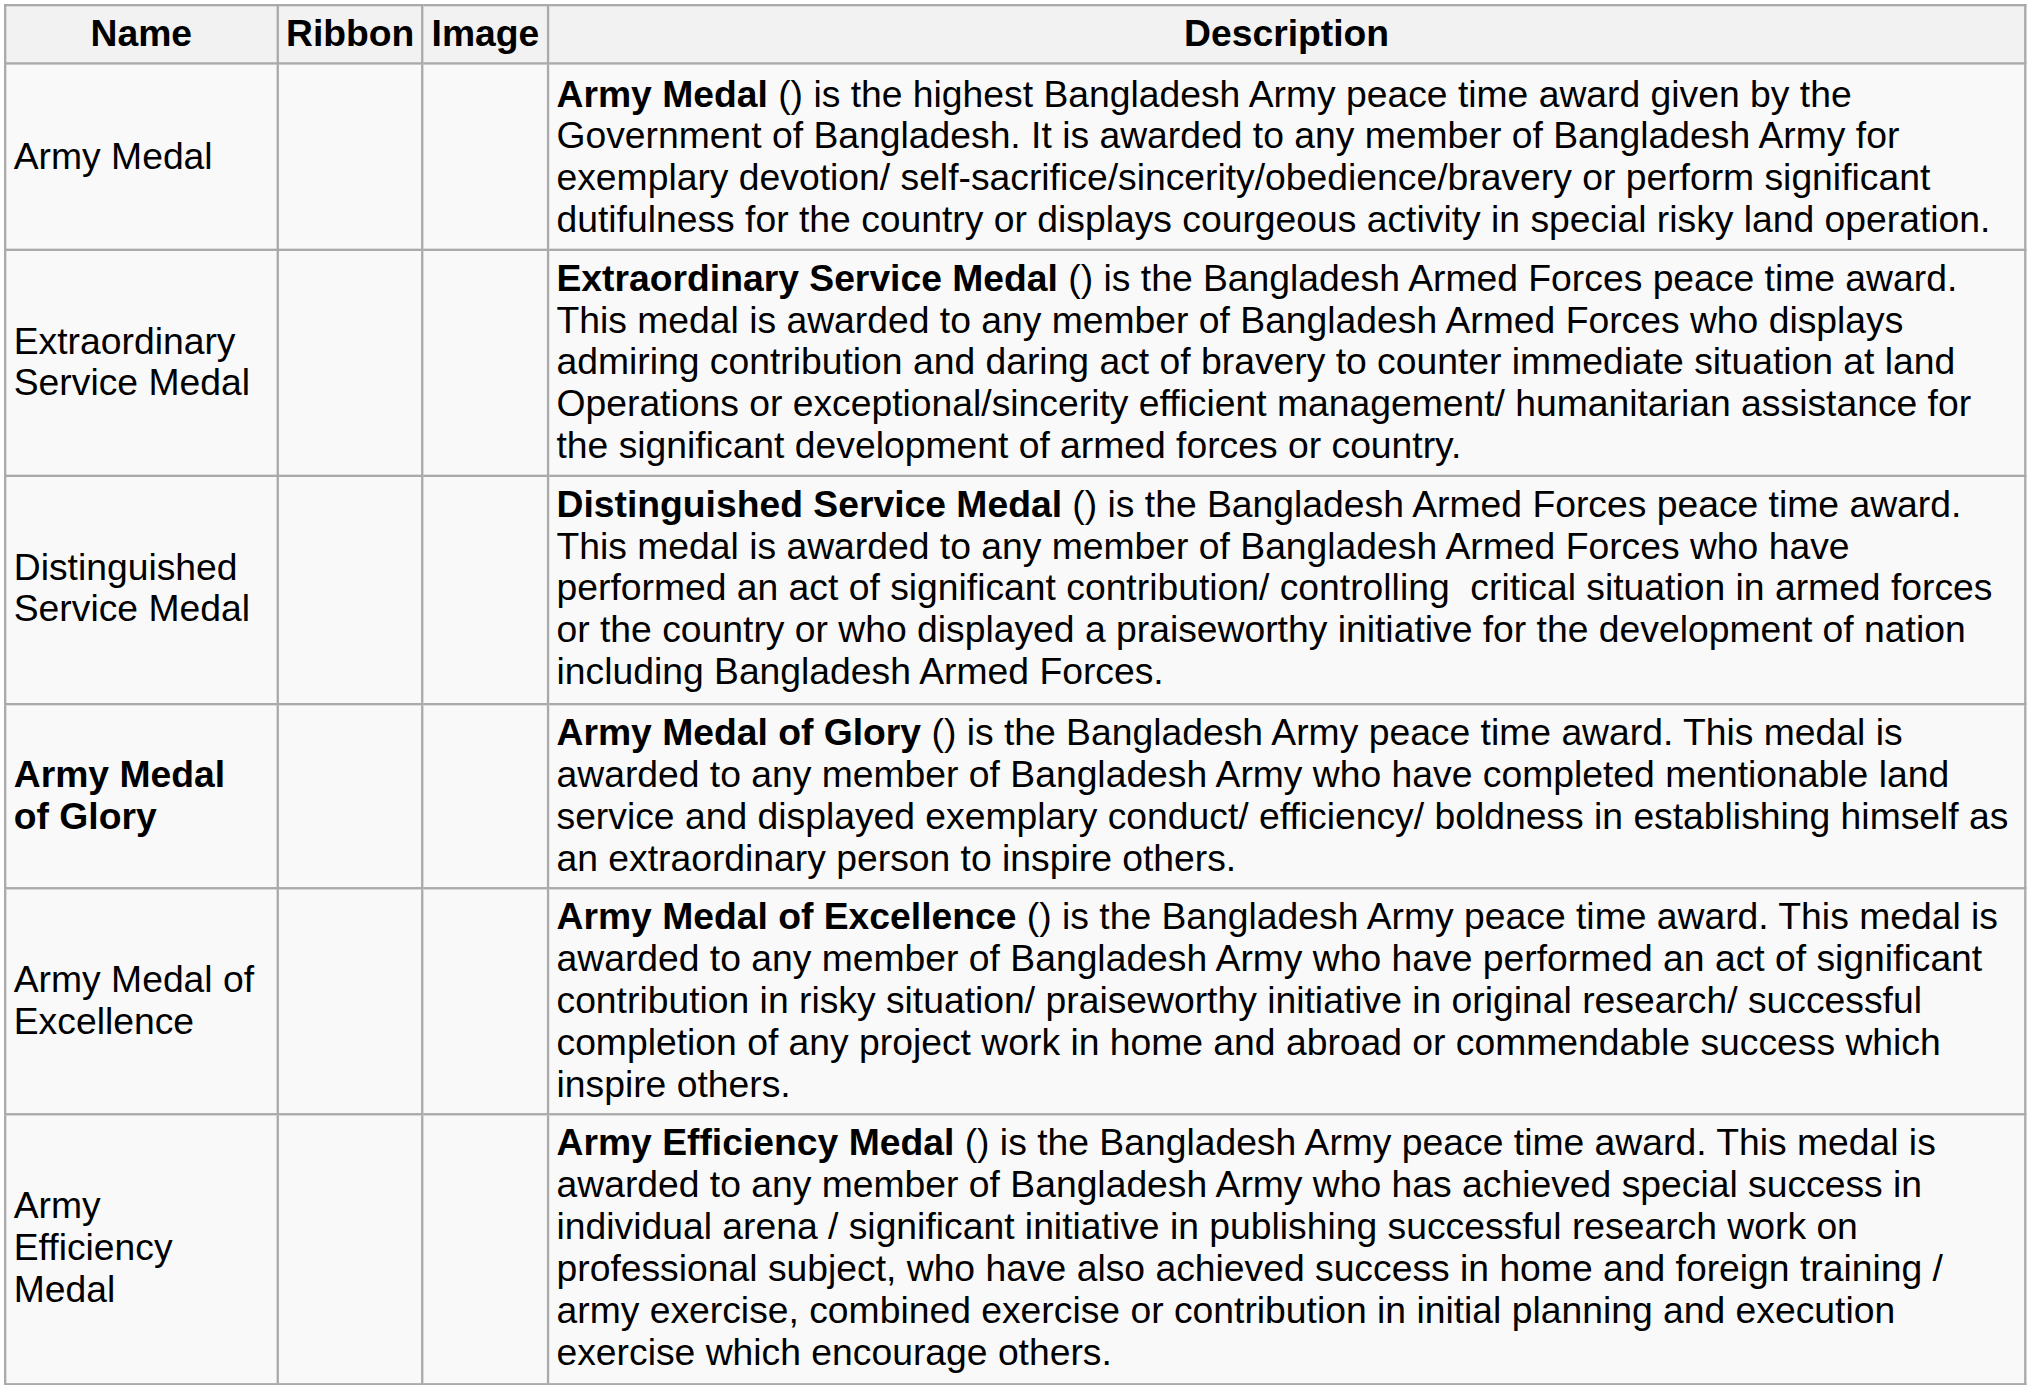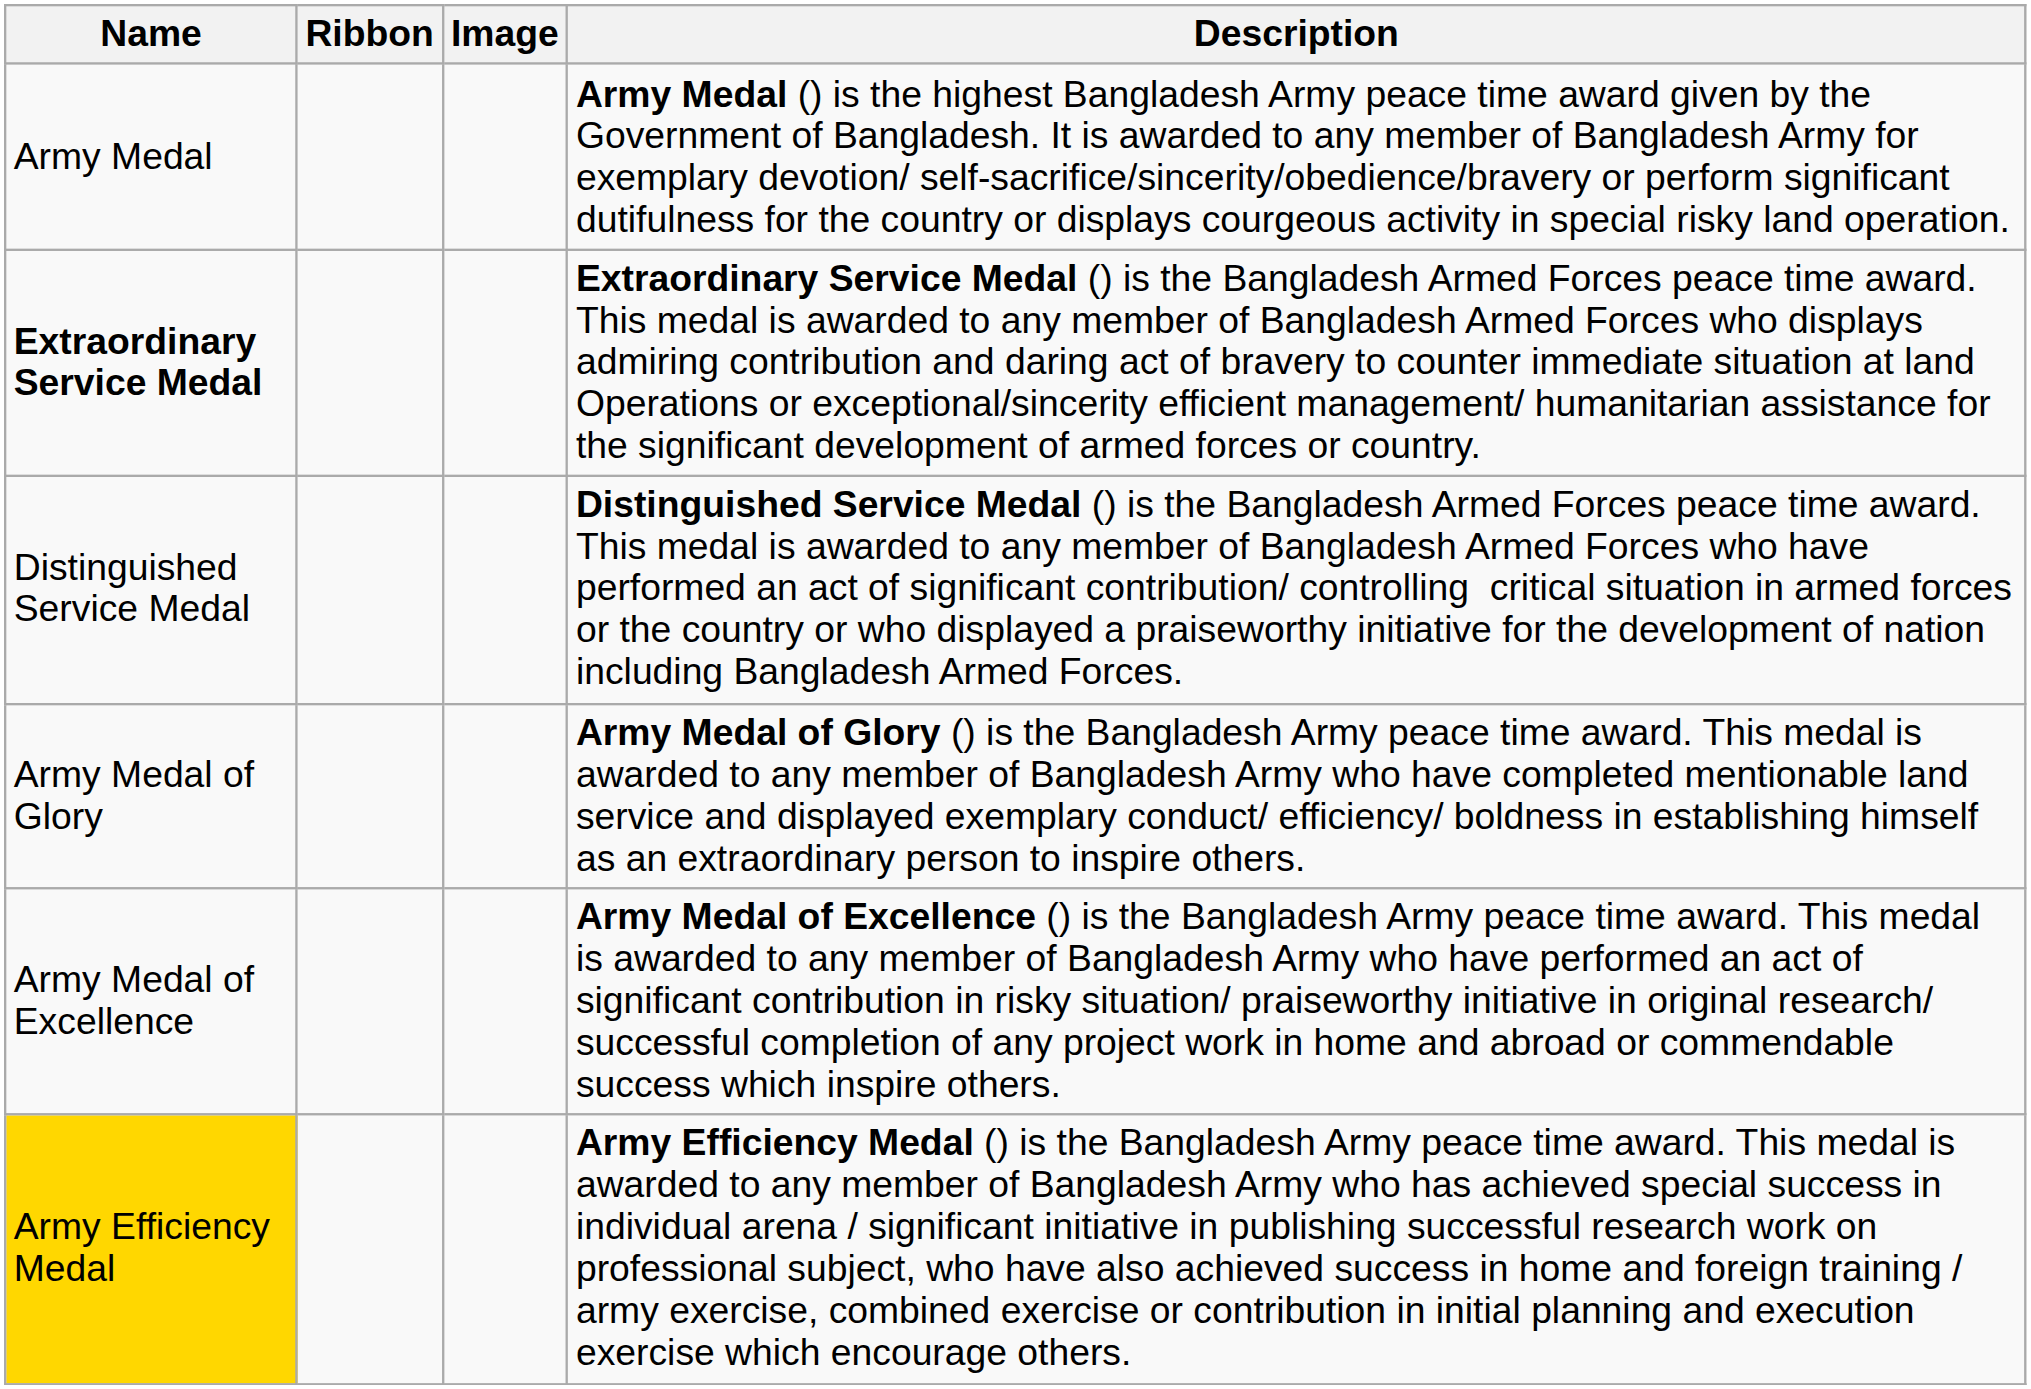 <table class="wikitable">
 <tr>
 <th>Name</th>
 <th>Ribbon</th>
 <th>Image</th>
 <th>Description</th>
 </tr>
 <tr>
 <td>Army Medal</td>
 <td></td>
 <td></td>
 <td><strong>Army Medal</strong> () is the highest Bangladesh Army peace time award given by the Government of Bangladesh. It is awarded to any member of Bangladesh Army for exemplary devotion/ self-sacrifice/sincerity/obedience/bravery or perform significant dutifulness for the country or displays courgeous activity in special risky land operation.</td>
 </tr>
 <tr>
-<td>Extraordinary Service Medal</td>
+<td><strong>Extraordinary Service Medal</strong></td>
 <td></td>
 <td></td>
 <td><strong>Extraordinary Service Medal</strong> () is the Bangladesh Armed Forces peace time award. This medal is awarded to any member of Bangladesh Armed Forces who displays admiring contribution and daring act of bravery to counter immediate situation at land Operations or exceptional/sincerity efficient management/ humanitarian assistance for the significant development of armed forces or country.</td>
 </tr>
 <tr>
 <td>Distinguished Service Medal</td>
 <td></td>
 <td></td>
 <td><strong>Distinguished Service Medal</strong> () is the Bangladesh Armed Forces peace time award. This medal is awarded to any member of Bangladesh Armed Forces who have performed an act of significant contribution/ controlling  critical situation in armed forces or the country or who displayed a praiseworthy initiative for the development of nation including Bangladesh Armed Forces.</td>
 </tr>
 <tr>
-<td><strong>Army Medal of Glory</strong></td>
+<td>Army Medal of Glory</td>
 <td></td>
 <td></td>
 <td><strong>Army Medal of Glory</strong> () is the Bangladesh Army peace time award. This medal is awarded to any member of Bangladesh Army who have completed mentionable land service and displayed exemplary conduct/ efficiency/ boldness in establishing himself as an extraordinary person to inspire others.</td>
 </tr>
 <tr>
 <td>Army Medal of Excellence</td>
 <td></td>
 <td></td>
 <td><strong>Army Medal of Excellence</strong> () is the Bangladesh Army peace time award. This medal is awarded to any member of Bangladesh Army who have performed an act of significant contribution in risky situation/ praiseworthy initiative in original research/ successful completion of any project work in home and abroad or commendable success which inspire others.</td>
 </tr>
 <tr>
-<td>Army Efficiency Medal</td>
+<td style="background: gold;">Army Efficiency Medal</td>
 <td></td>
 <td></td>
 <td><strong>Army Efficiency Medal</strong> () is the Bangladesh Army peace time award. This medal is awarded to any member of Bangladesh Army who has achieved special success in individual arena / significant initiative in publishing successful research work on professional subject, who have also achieved success in home and foreign training / army exercise, combined exercise or contribution in initial planning and execution exercise which encourage others.</td>
 </tr>
 <tr>
 </tr>
 </table>
